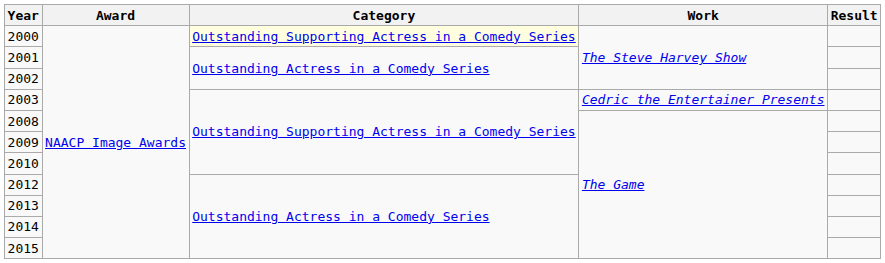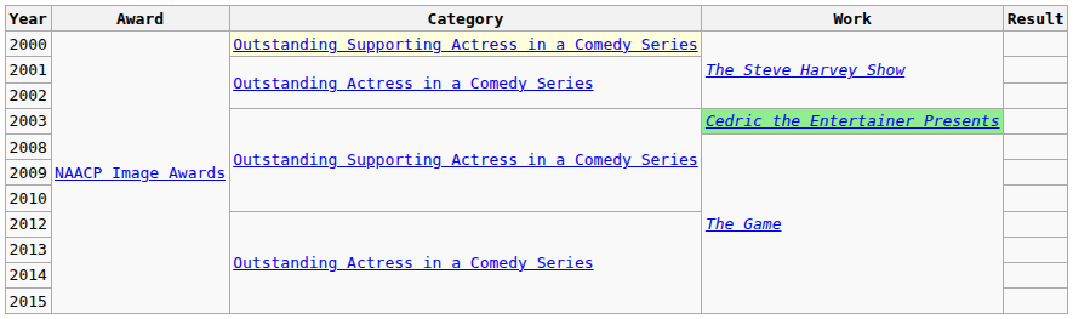 <table class="wikitable">
 <tr>
 <th>Year</th>
 <th>Award</th>
 <th>Category</th>
 <th>Work</th>
 <th>Result</th>
 </tr>
 <tr>
 <td>2000</td>
 <td rowspan=11><a href='#'>NAACP Image Awards</a></td>
 <td style="background: lightyellow;"><a href='#'>Outstanding Supporting Actress in a Comedy Series</a></td>
 <td rowspan=3><em><a href='#'>The Steve Harvey Show</a></em></td>
 <td></td>
 </tr>
 <tr>
 <td>2001</td>
 <td rowspan=2><a href='#'>Outstanding Actress in a Comedy Series</a></td>
 <td></td>
 </tr>
 <tr>
 <td>2002</td>
 <td></td>
 </tr>
 <tr>
 <td>2003</td>
 <td rowspan=4><a href='#'>Outstanding Supporting Actress in a Comedy Series</a></td>
-<td><em><a href='#'>Cedric the Entertainer Presents</a></em></td>
+<td style="background: lightgreen;"><em><a href='#'>Cedric the Entertainer Presents</a></em></td>
 <td></td>
 </tr>
 <tr>
 <td>2008</td>
 <td rowspan=7><em><a href='#'>The Game</a></em></td>
 <td></td>
 </tr>
 <tr>
 <td>2009</td>
 <td></td>
 </tr>
 <tr>
 <td>2010</td>
 <td></td>
 </tr>
 <tr>
 <td>2012</td>
 <td rowspan=4><a href='#'>Outstanding Actress in a Comedy Series</a></td>
 <td></td>
 </tr>
 <tr>
 <td>2013</td>
 <td></td>
 </tr>
 <tr>
 <td>2014</td>
 <td></td>
 </tr>
 <tr>
 <td>2015</td>
 <td></td>
 </tr>
 </table>
